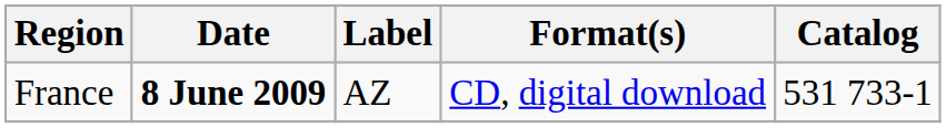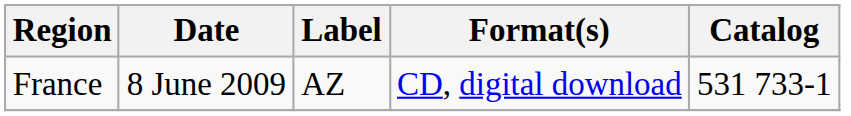 <table class="wikitable">
 <tr>
 <th>Region</th>
 <th>Date</th>
 <th>Label</th>
 <th>Format(s)</th>
 <th>Catalog</th>
 </tr>
 <tr>
 <td>France</td>
-<td><strong>8 June 2009</strong></td>
+<td>8 June 2009</td>
 <td>AZ</td>
 <td><a href='#'>CD</a>, <a href='#'>digital download</a></td>
 <td>531 733-1</td>
 </tr>
 <tr>
 </tr>
 </table>
